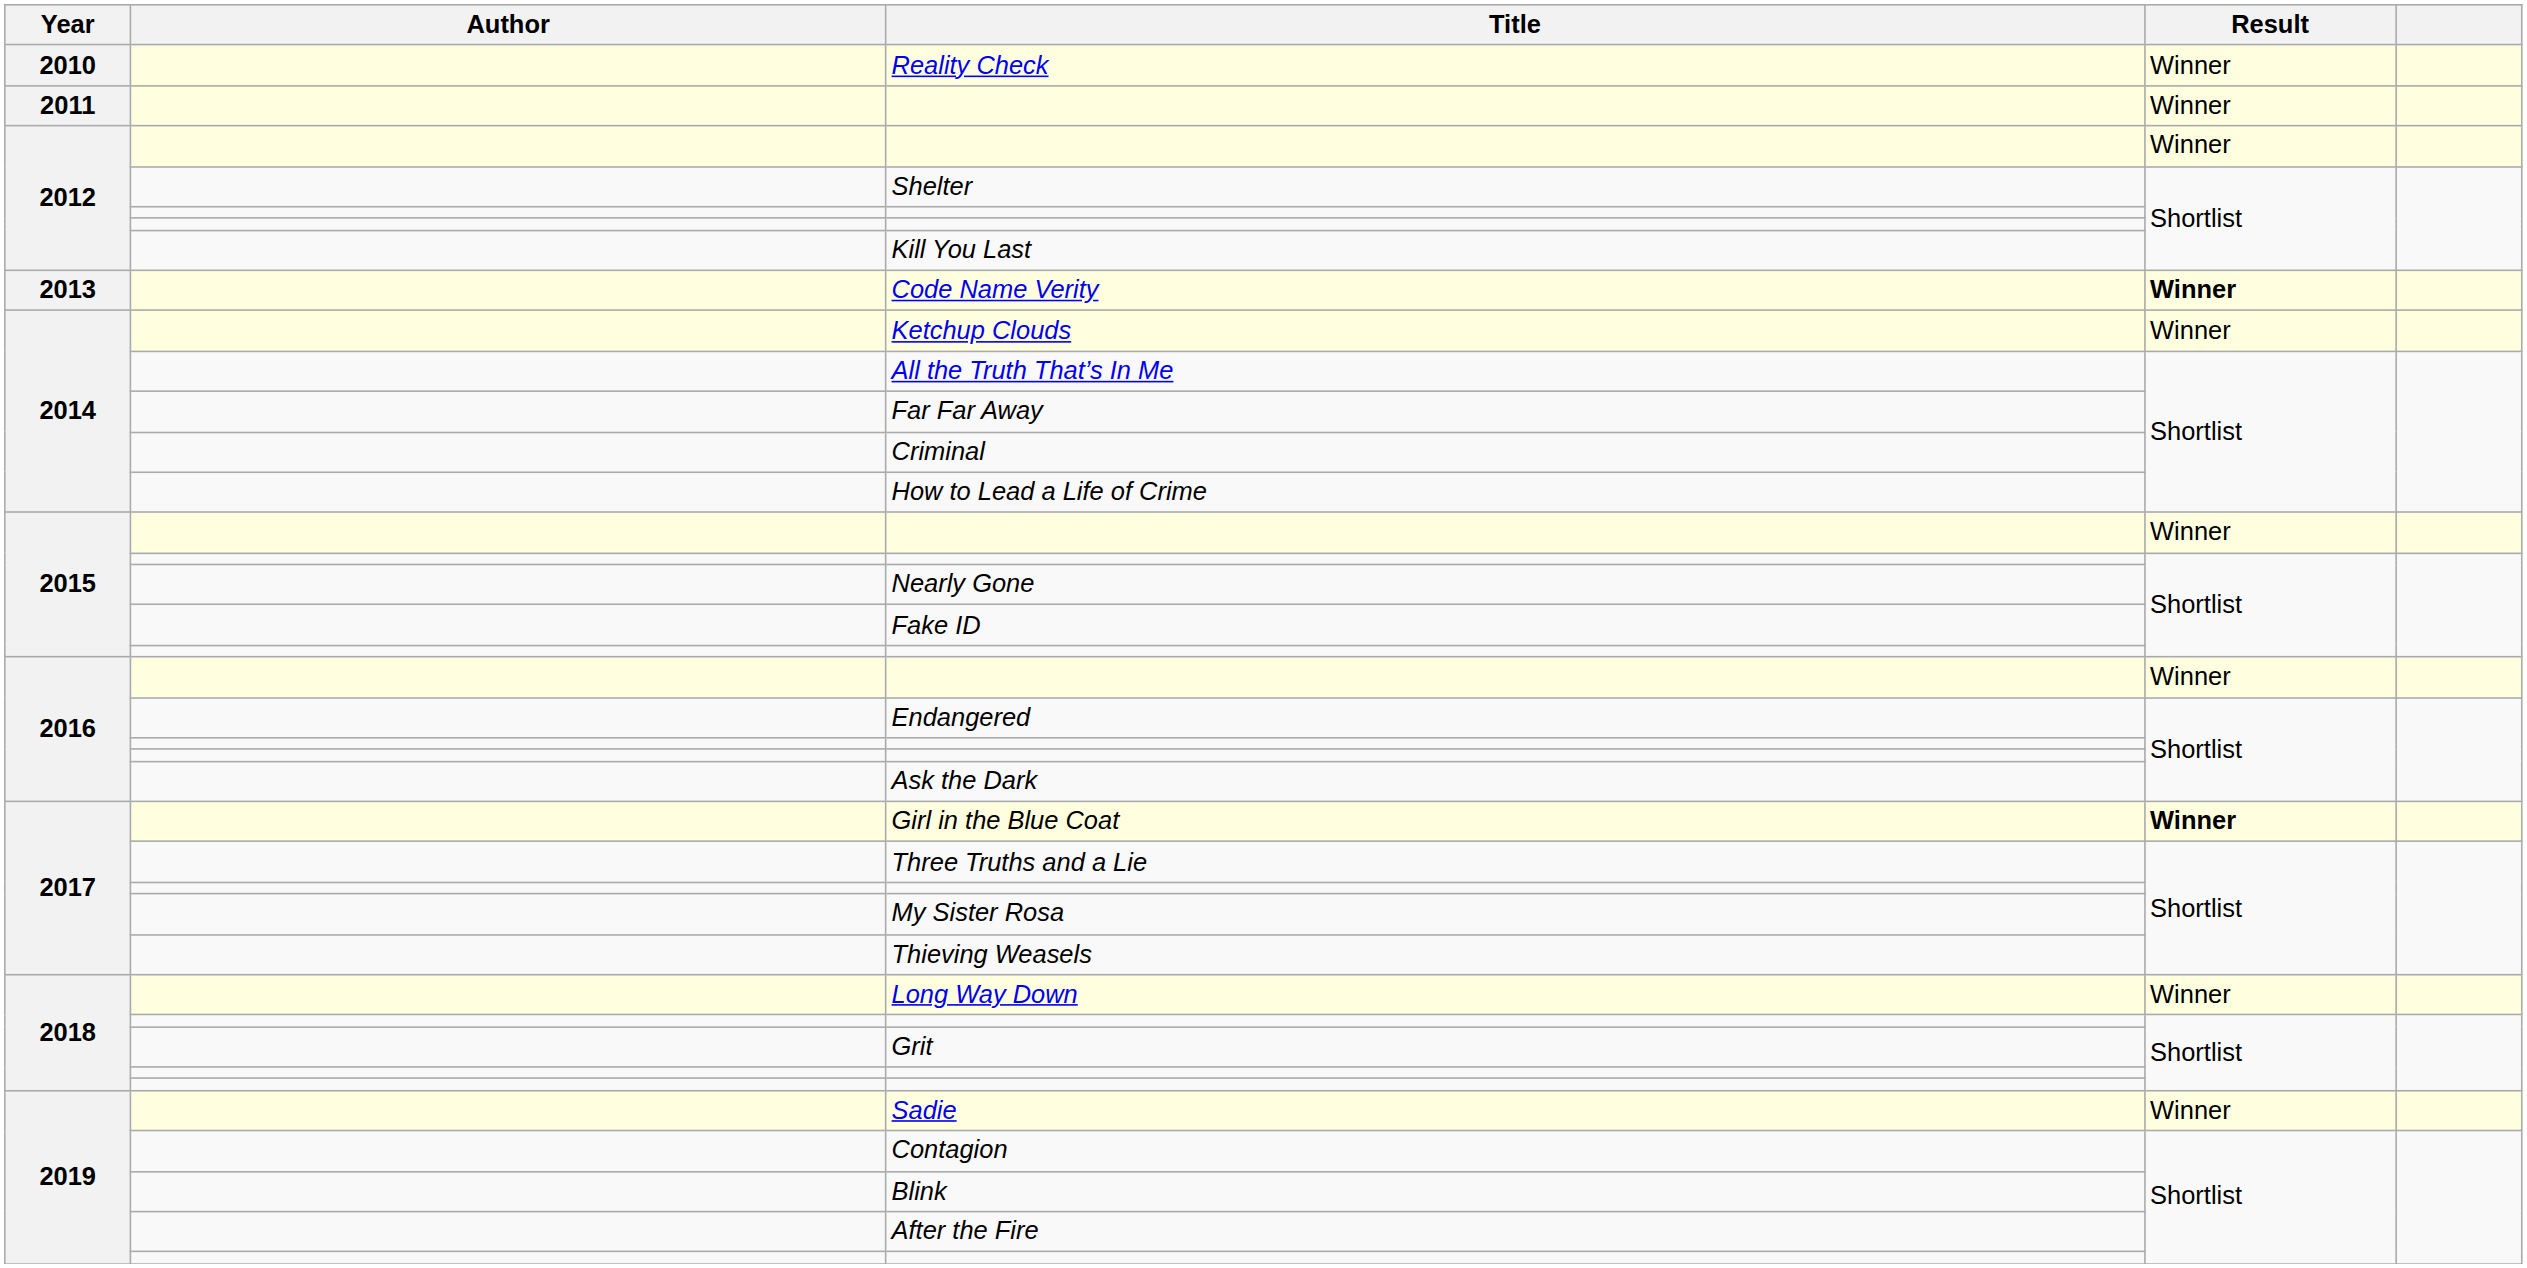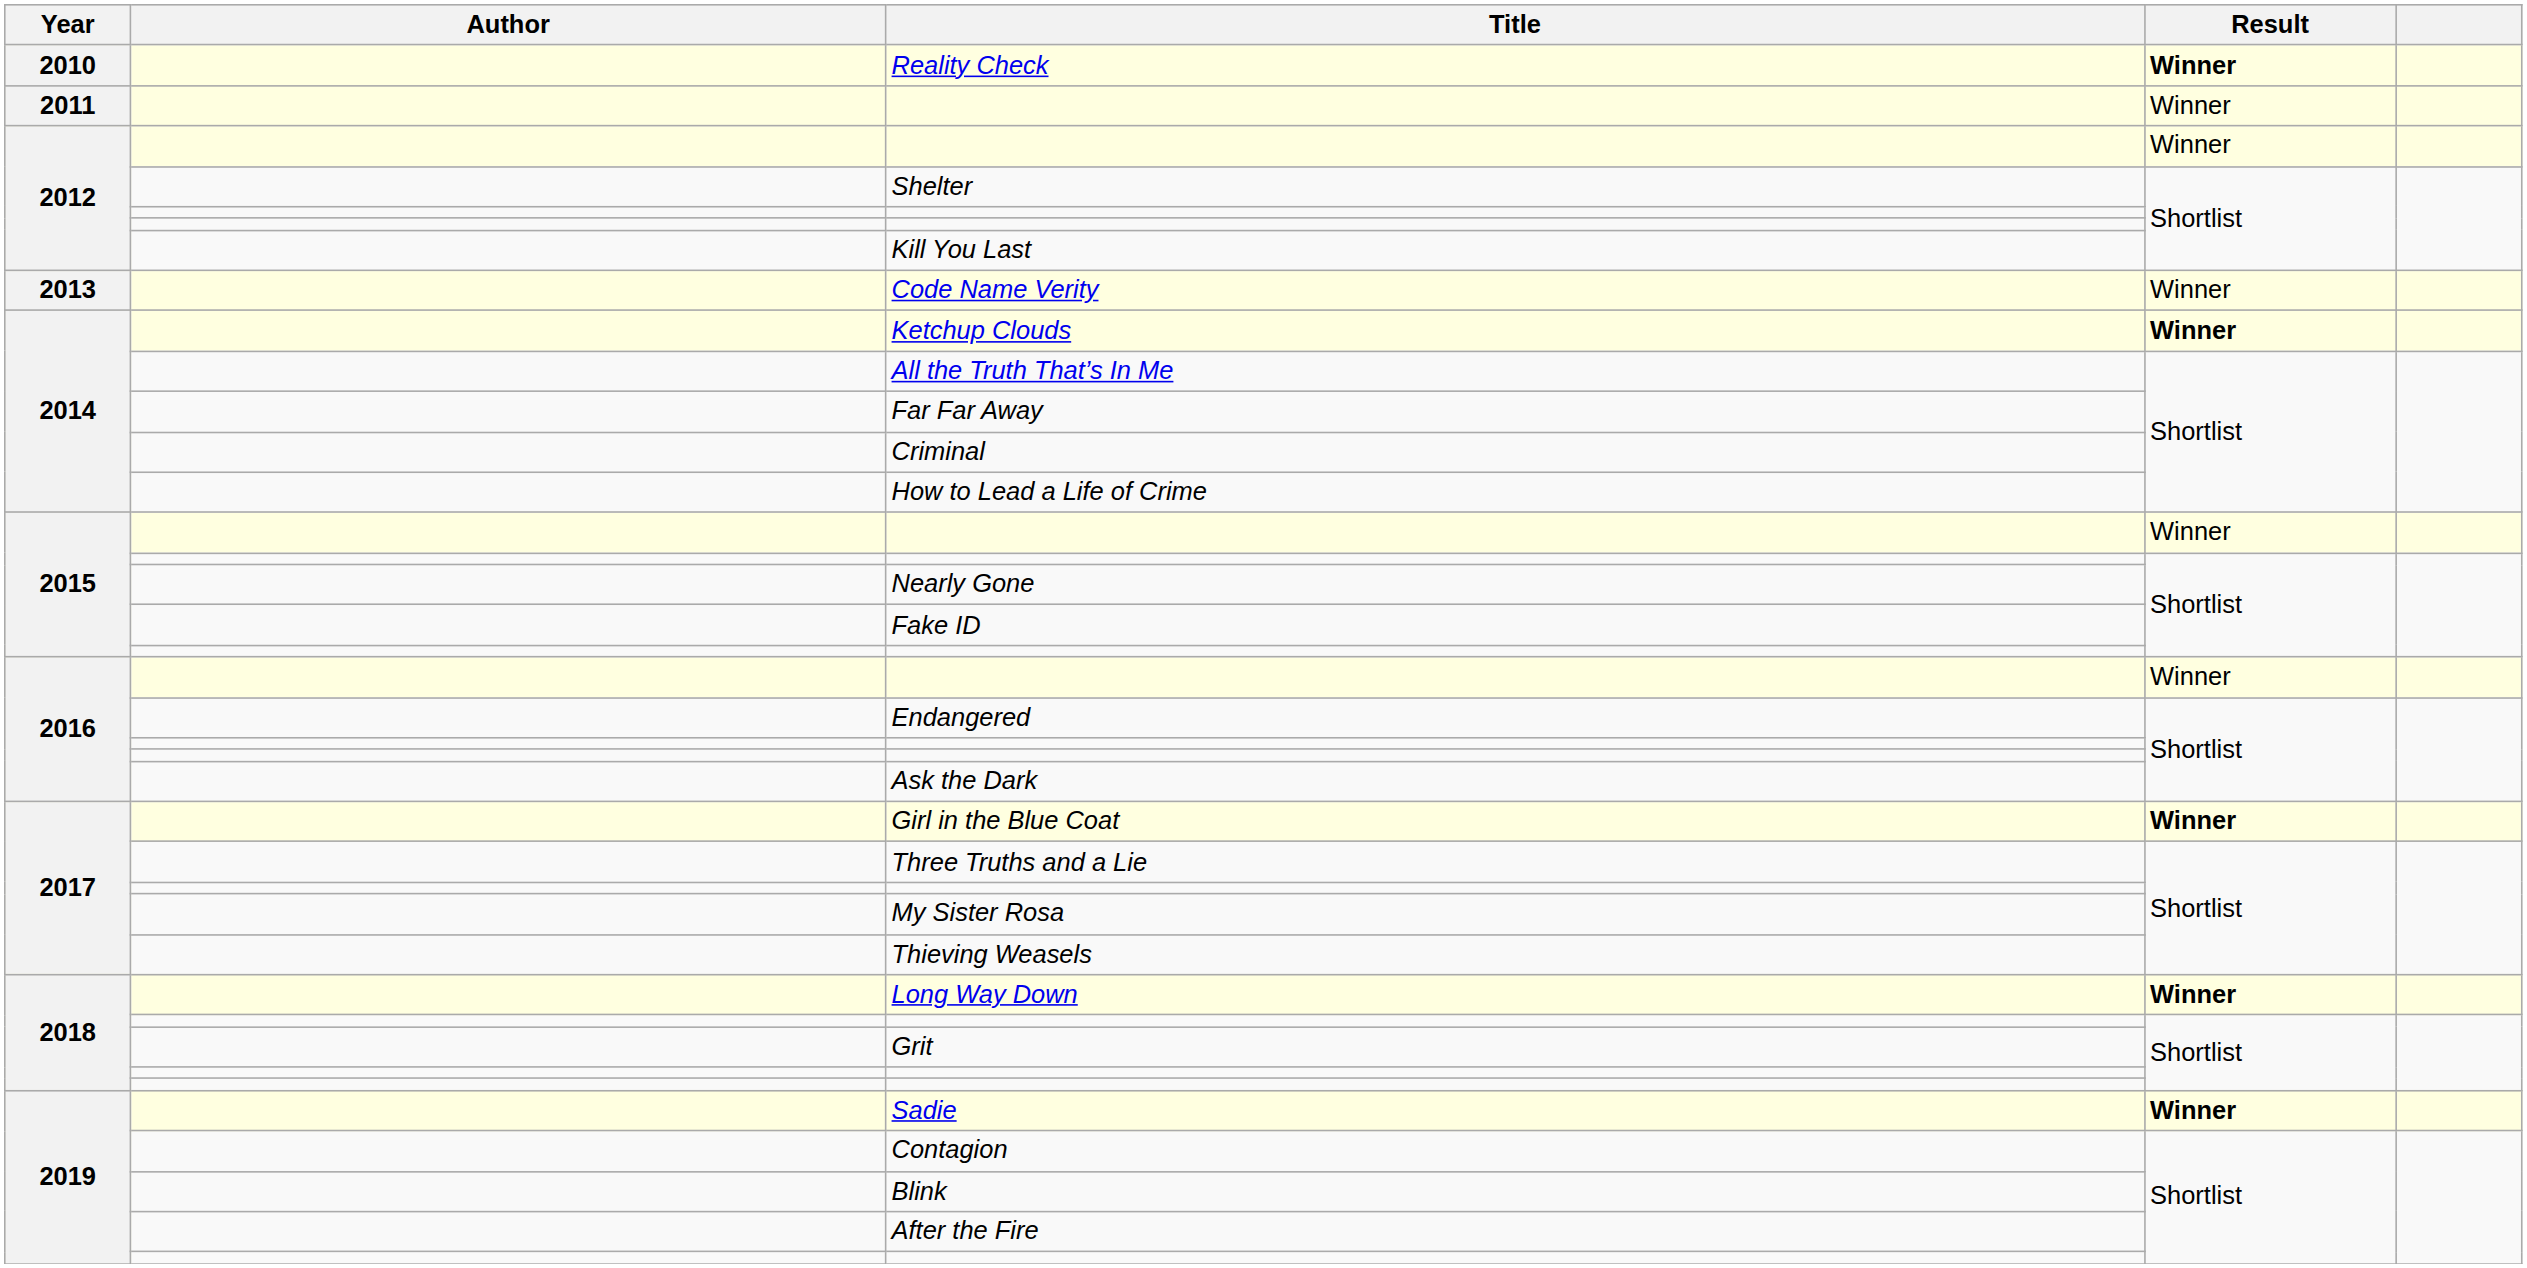 <table class="wikitable sortable mw-collapsible" style="width:100%" style="width:100%">
 <tr>
 <th scope="col" width="5%">Year</th>
 <th scope="col" width="30%">Author</th>
 <th scope="col" width="50%">Title</th>
 <th scope="col" width="10%">Result</th>
 <th scope="col" width="5%"></th>
 </tr>
 <tr style="background:lightyellow;">
 <th>2010</th>
 <td></td>
 <td><a href='#'><em>Reality Check</em></a></td>
-<td>Winner</td>
+<td><strong>Winner</strong></td>
 <td></td>
 </tr>
 <tr style="background:lightyellow;">
 <th>2011</th>
 <td></td>
 <td><em></em></td>
 <td>Winner</td>
 <td></td>
 </tr>
 <tr style="background:lightyellow;">
 <th rowspan="5">2012</th>
 <td></td>
 <td><em></em></td>
 <td>Winner</td>
 <td></td>
 </tr>
 <tr>
 <td></td>
 <td><em>Shelter</em></td>
 <td rowspan="4">Shortlist</td>
 <td rowspan="4"></td>
 </tr>
 <tr>
 <td></td>
 <td><em></em></td>
 </tr>
 <tr>
 <td></td>
 <td><em></em></td>
 </tr>
 <tr>
 <td></td>
 <td><em>Kill You Last</em></td>
 </tr>
 <tr style="background:lightyellow;"i8>
 <th>2013</th>
 <td></td>
 <td><em><a href='#'>Code Name Verity</a></em></td>
-<td><strong>Winner</strong></td>
+<td>Winner</td>
 <td></td>
 </tr>
 <tr style="background:lightyellow;">
 <th rowspan="5">2014</th>
 <td></td>
 <td><em><a href='#'>Ketchup Clouds</a></em></td>
-<td>Winner</td>
+<td><strong>Winner</strong></td>
 <td></td>
 </tr>
 <tr>
 <td></td>
 <td><em><a href='#'>All the Truth That’s In Me</a></em></td>
 <td rowspan="4">Shortlist</td>
 <td rowspan="4"></td>
 </tr>
 <tr>
 <td></td>
 <td><em>Far Far Away</em></td>
 </tr>
 <tr>
 <td></td>
 <td><em>Criminal</em></td>
 </tr>
 <tr>
 <td></td>
 <td><em>How to Lead a Life of Crime</em></td>
 </tr>
 <tr style="background:lightyellow;">
 <th rowspan="5">2015</th>
 <td></td>
 <td><em></em></td>
 <td>Winner</td>
 <td></td>
 </tr>
 <tr>
 <td></td>
 <td><em></em></td>
 <td rowspan="4">Shortlist</td>
 <td rowspan="4"></td>
 </tr>
 <tr>
 <td></td>
 <td><em>Nearly Gone</em></td>
 </tr>
 <tr>
 <td></td>
 <td><em>Fake ID</em></td>
 </tr>
 <tr>
 <td></td>
 <td><em></em></td>
 </tr>
 <tr style="background:lightyellow;">
 <th rowspan="5">2016</th>
 <td></td>
 <td><em></em></td>
 <td>Winner</td>
 <td></td>
 </tr>
 <tr>
 <td></td>
 <td><em>Endangered</em></td>
 <td rowspan="4">Shortlist</td>
 <td rowspan="4"></td>
 </tr>
 <tr>
 <td></td>
 <td></td>
 </tr>
 <tr>
 <td></td>
 <td></td>
 </tr>
 <tr>
 <td></td>
 <td><em>Ask the Dark</em></td>
 </tr>
 <tr style="background:lightyellow;">
 <th rowspan="5">2017</th>
 <td></td>
 <td><em>Girl in the Blue Coat</em></td>
 <td><strong>Winner</strong></td>
 <td></td>
 </tr>
 <tr>
 <td></td>
 <td><em>Three Truths and a Lie</em></td>
 <td rowspan="4">Shortlist</td>
 <td rowspan="4"></td>
 </tr>
 <tr>
 <td></td>
 <td></td>
 </tr>
 <tr>
 <td></td>
 <td><em>My Sister Rosa</em></td>
 </tr>
 <tr>
 <td></td>
 <td><em>Thieving Weasels</em></td>
 </tr>
 <tr style="background:lightyellow;">
 <th rowspan="5">2018</th>
 <td></td>
 <td><a href='#'><em>Long Way Down</em></a></td>
-<td>Winner</td>
+<td><strong>Winner</strong></td>
 <td></td>
 </tr>
 <tr>
 <td></td>
 <td></td>
 <td rowspan="4">Shortlist</td>
 <td rowspan="4"></td>
 </tr>
 <tr>
 <td></td>
 <td><em>Grit</em></td>
 </tr>
 <tr>
 <td></td>
 <td></td>
 </tr>
 <tr>
 <td></td>
 <td></td>
 </tr>
 <tr style="background:lightyellow;">
 <th rowspan="5">2019</th>
 <td></td>
 <td><em><a href='#'>Sadie</a></em></td>
-<td>Winner</td>
+<td><strong>Winner</strong></td>
 <td></td>
 </tr>
 <tr>
 <td></td>
 <td><em>Contagion</em></td>
 <td rowspan="4">Shortlist</td>
 <td rowspan="4"></td>
 </tr>
 <tr>
 <td></td>
 <td><em>Blink</em></td>
 </tr>
 <tr>
 <td></td>
 <td><em>After the Fire</em></td>
 </tr>
 <tr>
 <td></td>
 <td></td>
 </tr>
 </table>
